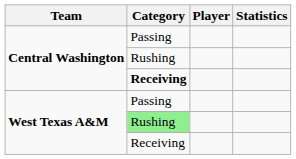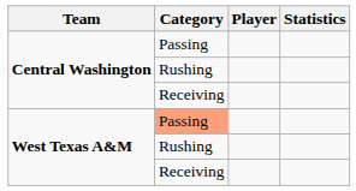 <table class="wikitable" style="float: right;">
 <tr>
 <th>Team</th>
 <th>Category</th>
 <th>Player</th>
 <th>Statistics</th>
 </tr>
 <tr>
 <td rowspan=3><strong>Central Washington</strong></td>
 <td>Passing</td>
 <td></td>
 <td></td>
 </tr>
 <tr>
 <td>Rushing</td>
 <td></td>
 <td></td>
 </tr>
 <tr>
-<td><strong>Receiving</strong></td>
+<td>Receiving</td>
 <td></td>
 <td></td>
 </tr>
 <tr>
 <td rowspan=3><strong>West Texas A&M</strong></td>
-<td>Passing</td>
+<td style="background: lightsalmon;">Passing</td>
 <td></td>
 <td></td>
 </tr>
 <tr>
-<td style="background: lightgreen;">Rushing</td>
+<td>Rushing</td>
 <td></td>
 <td></td>
 </tr>
 <tr>
 <td>Receiving</td>
 <td></td>
 <td></td>
 </tr>
 </table>
